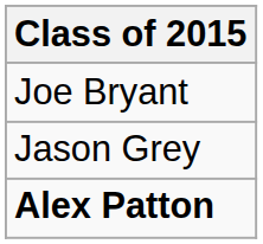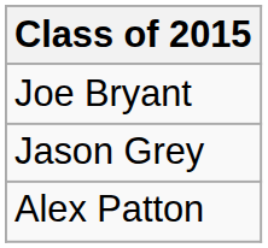 <table class="wikitable" border="1">
 <tr>
 <th>Class of 2015</th>
 </tr>
 <tr>
 <td>Joe Bryant</td>
 </tr>
 <tr>
 <td>Jason Grey</td>
 </tr>
 <tr>
-<td><strong>Alex Patton</strong></td>
+<td>Alex Patton</td>
 </tr>
 </table>
